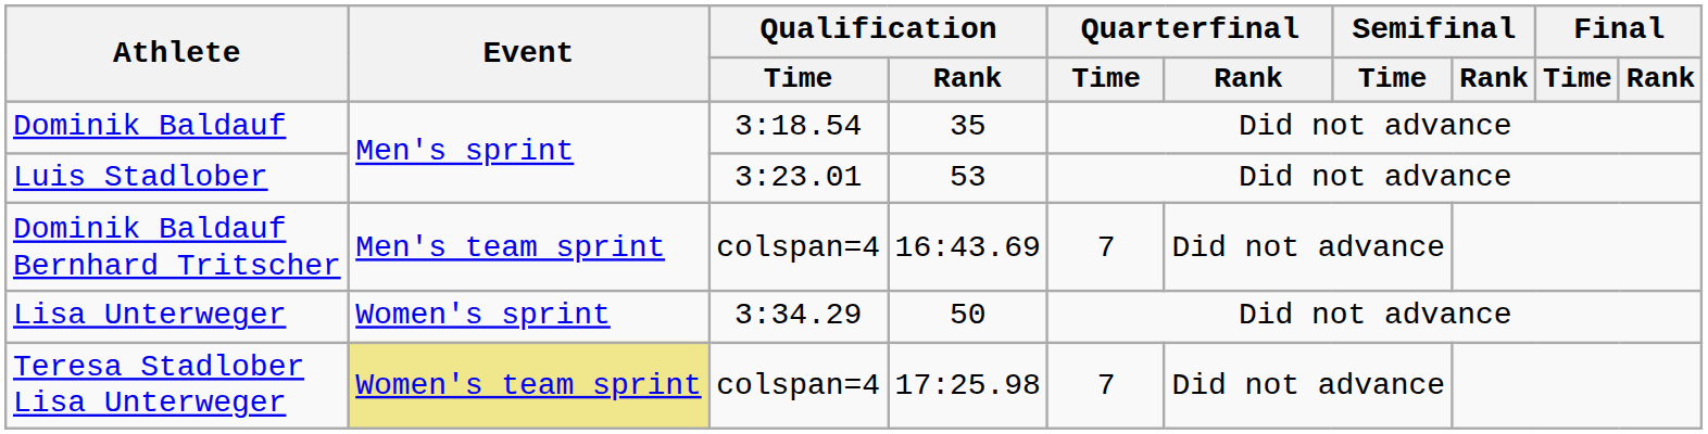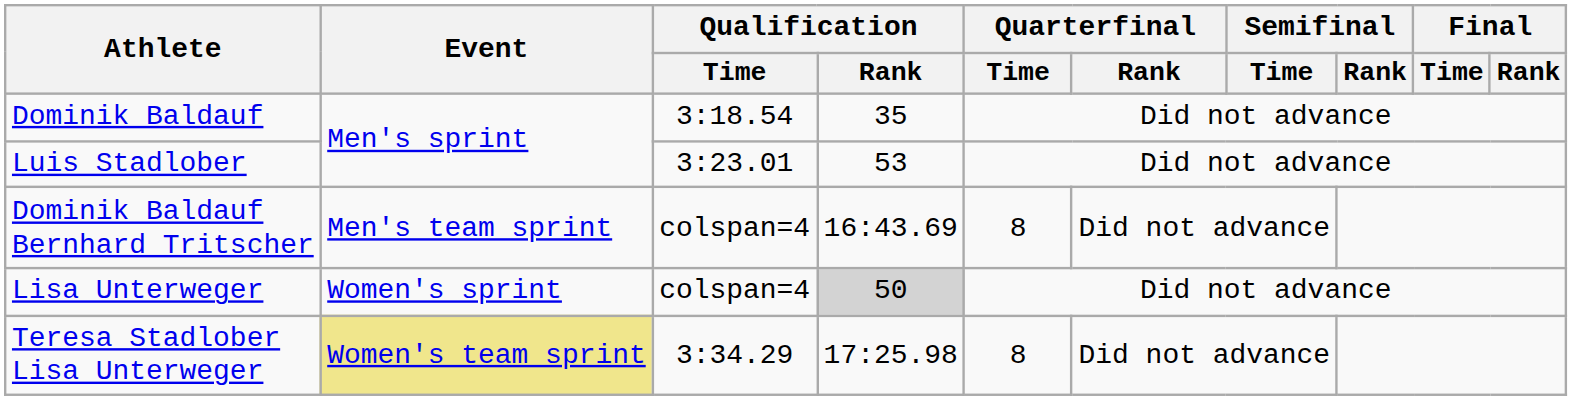 <table class="wikitable" style="font-size:90%">
 <tr>
 <th rowspan="2">Athlete</th>
 <th rowspan="2">Event</th>
 <th colspan="2">Qualification</th>
 <th colspan="2">Quarterfinal</th>
 <th colspan="2">Semifinal</th>
 <th colspan="2">Final</th>
 </tr>
 <tr style="font-size:95%">
 <th>Time</th>
 <th>Rank</th>
 <th>Time</th>
 <th>Rank</th>
 <th>Time</th>
 <th>Rank</th>
 <th>Time</th>
 <th>Rank</th>
 </tr>
 <tr align=center>
 <td align=left><a href='#'>Dominik Baldauf</a></td>
 <td align=left rowspan=2><a href='#'>Men's sprint</a></td>
 <td>3:18.54</td>
 <td>35</td>
 <td colspan=6>Did not advance</td>
 </tr>
 <tr align=center>
 <td align=left><a href='#'>Luis Stadlober</a></td>
 <td>3:23.01</td>
 <td>53</td>
 <td colspan=6>Did not advance</td>
 </tr>
 <tr align=center>
 <td align=left><a href='#'>Dominik Baldauf</a><br><a href='#'>Bernhard Tritscher</a></td>
 <td align=left><a href='#'>Men's team sprint</a></td>
 <td>colspan=4 </td>
 <td>16:43.69</td>
-<td>7</td>
+<td>8</td>
 <td colspan=2>Did not advance</td>
 </tr>
 <tr align=center>
 <td align=left><a href='#'>Lisa Unterweger</a></td>
 <td align=left><a href='#'>Women's sprint</a></td>
-<td>3:34.29</td>
-<td>50</td>
+<td>colspan=4 </td>
+<td style="background: lightgrey;">50</td>
 <td colspan=6>Did not advance</td>
 </tr>
 <tr align=center>
 <td align=left><a href='#'>Teresa Stadlober</a><br><a href='#'>Lisa Unterweger</a></td>
 <td align=left style="background: khaki;"><a href='#'>Women's team sprint</a></td>
-<td>colspan=4 </td>
+<td>3:34.29</td>
 <td>17:25.98</td>
-<td>7</td>
+<td>8</td>
 <td colspan=2>Did not advance</td>
 </tr>
 </table>
